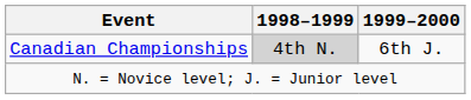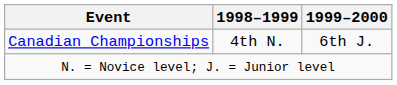 <table class="wikitable" style="text-align:center">
 <tr>
 <th>Event</th>
 <th>1998–1999</th>
 <th>1999–2000</th>
 </tr>
 <tr>
 <td align=left><a href='#'>Canadian Championships</a></td>
-<td style="background: lightgrey;">4th N.</td>
+<td>4th N.</td>
 <td>6th J.</td>
 </tr>
 <tr>
 <td colspan=3 align=center><small> N. = Novice level; J. = Junior level </small></td>
 </tr>
 </table>
